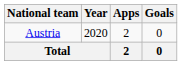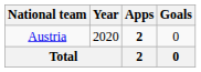 <table class=wikitable style=text-align:center>
 <tr>
 <th>National team</th>
 <th>Year</th>
 <th>Apps</th>
 <th>Goals</th>
 </tr>
 <tr>
 <td><a href='#'>Austria</a></td>
 <td>2020</td>
-<td>2</td>
+<td><strong>2</strong></td>
 <td>0</td>
 </tr>
 <tr>
 <th colspan="2">Total</th>
 <th>2</th>
 <th>0</th>
 </tr>
 </table>
